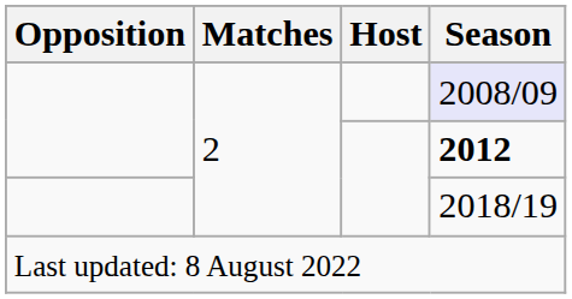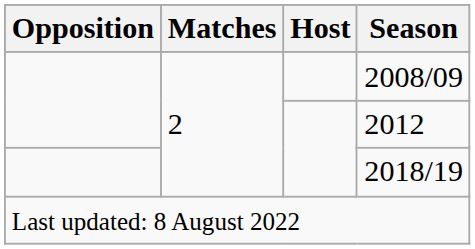 <table class="wikitable plainrowheaders sortable">
 <tr>
 <th scope=col>Opposition</th>
 <th scope=col style="text-align:center">Matches</th>
 <th scope=col>Host</th>
 <th scope=col style="text-align:center">Season</th>
 </tr>
 <tr>
 <td rowspan=2></td>
 <td rowspan=3>2</td>
 <td></td>
-<td style="background: lavender;">2008/09</td>
+<td>2008/09</td>
 </tr>
 <tr>
 <td rowspan=2></td>
-<td><strong>2012</strong></td>
+<td>2012</td>
 </tr>
 <tr>
 <td></td>
 <td>2018/19</td>
 </tr>
 <tr class=sortbottom>
 <td colspan=5><small>Last updated: 8 August 2022</small></td>
 </tr>
 </table>
